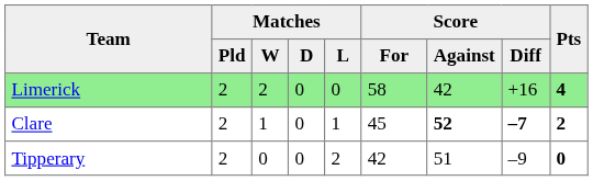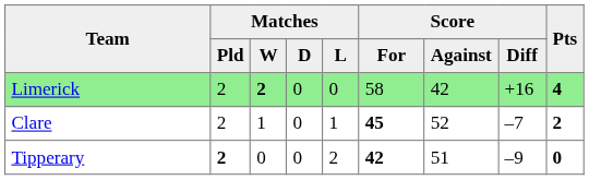 <table style=border-collapse:collapse border=1 cellspacing=0 cellpadding=5>
 <tr align=center bgcolor=#efefef>
 <th rowspan=2 width=165>Team</th>
 <th colspan=4>Matches</th>
 <th colspan=3>Score</th>
 <th rowspan=2width=20>Pts</th>
 </tr>
 <tr align=center bgcolor=#efefef>
 <th width=20>Pld</th>
 <th width=20>W</th>
 <th width=20>D</th>
 <th width=20>L</th>
 <th width=45>For</th>
 <th width=45>Against</th>
 <th width=30>Diff</th>
 </tr>
 <tr bgcolor=#90EE90>
 <td style="text-align:left;"><a href='#'>Limerick</a></td>
 <td>2</td>
-<td>2</td>
+<td><strong>2</strong></td>
 <td>0</td>
 <td>0</td>
 <td>58</td>
 <td>42</td>
 <td>+16</td>
 <td><strong>4</strong></td>
 </tr>
 <tr>
 <td style="text-align:left;"><a href='#'>Clare</a></td>
 <td>2</td>
 <td>1</td>
 <td>0</td>
 <td>1</td>
-<td>45</td>
-<td><strong>52</strong></td>
-<td><strong>–7</strong></td>
+<td><strong>45</strong></td>
+<td>52</td>
+<td>–7</td>
 <td><strong>2</strong></td>
 </tr>
 <tr>
 <td style="text-align:left;"><a href='#'>Tipperary</a></td>
-<td>2</td>
+<td><strong>2</strong></td>
 <td>0</td>
 <td>0</td>
 <td>2</td>
-<td>42</td>
+<td><strong>42</strong></td>
 <td>51</td>
 <td>–9</td>
 <td><strong>0</strong></td>
 </tr>
 </table>
